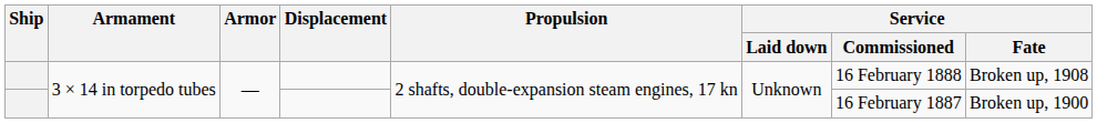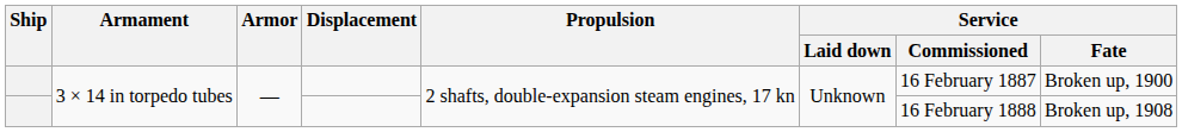 <table class="wikitable plainrowheaders" style="text-align: center;">
 <tr valign="top">
 <th scope="col" rowspan="2">Ship</th>
 <th scope="col" rowspan="2">Armament</th>
 <th scope="col" rowspan="2">Armor</th>
 <th scope="col" rowspan="2">Displacement</th>
 <th scope="col" rowspan="2">Propulsion</th>
 <th scope="col" colspan="3">Service</th>
 </tr>
 <tr valign="top">
 <th scope="col">Laid down</th>
 <th scope="col">Commissioned</th>
 <th scope="col">Fate</th>
 </tr>
 <tr valign="center">
 <th scope="row"></th>
 <td rowspan="2">3 × 14 in torpedo tubes</td>
 <td rowspan="2">—</td>
 <td></td>
 <td rowspan="2">2 shafts, double-expansion steam engines, 17 kn</td>
 <td rowspan="2">Unknown</td>
-<td>16 February 1888</td>
-<td>Broken up, 1908</td>
+<td>16 February 1887</td>
+<td>Broken up, 1900</td>
 </tr>
 <tr valign="center">
 <th scope="row"></th>
 <td></td>
-<td>16 February 1887</td>
-<td>Broken up, 1900</td>
+<td>16 February 1888</td>
+<td>Broken up, 1908</td>
 </tr>
 </table>
